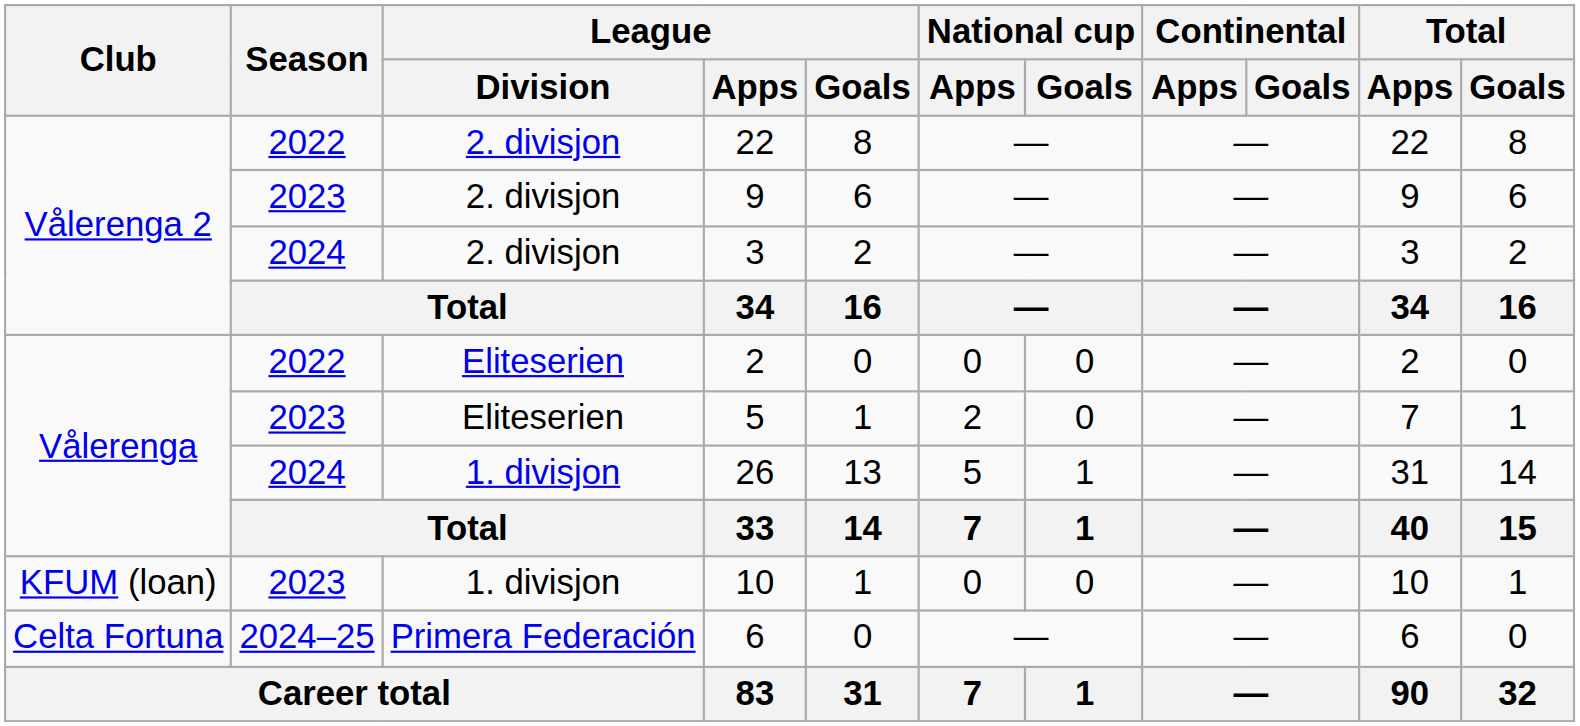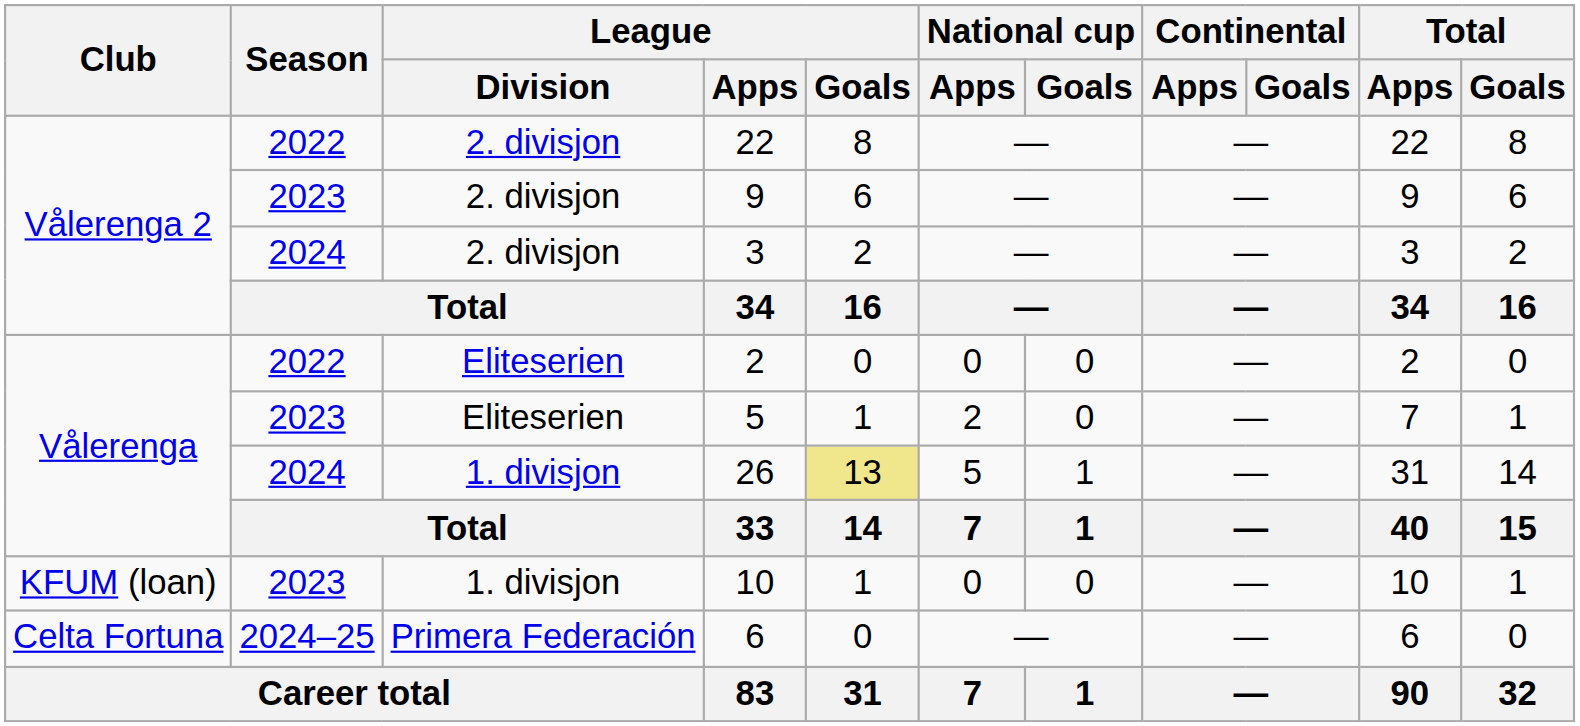 <table class="wikitable" style="text-align: center;">
 <tr>
 <th rowspan=2>Club</th>
 <th rowspan=2>Season</th>
 <th colspan=3>League</th>
 <th colspan=2>National cup</th>
 <th colspan=2>Continental</th>
 <th colspan=2>Total</th>
 </tr>
 <tr>
 <th>Division</th>
 <th>Apps</th>
 <th>Goals</th>
 <th>Apps</th>
 <th>Goals</th>
 <th>Apps</th>
 <th>Goals</th>
 <th>Apps</th>
 <th>Goals</th>
 </tr>
 <tr>
 <td rowspan="4"><a href='#'>Vålerenga 2</a></td>
 <td><a href='#'>2022</a></td>
 <td><a href='#'>2. divisjon</a></td>
 <td>22</td>
 <td>8</td>
 <td colspan="2">—</td>
 <td colspan="2">—</td>
 <td>22</td>
 <td>8</td>
 </tr>
 <tr>
 <td><a href='#'>2023</a></td>
 <td>2. divisjon</td>
 <td>9</td>
 <td>6</td>
 <td colspan="2">—</td>
 <td colspan="2">—</td>
 <td>9</td>
 <td>6</td>
 </tr>
 <tr>
 <td><a href='#'>2024</a></td>
 <td>2. divisjon</td>
 <td>3</td>
 <td>2</td>
 <td colspan="2">—</td>
 <td colspan="2">—</td>
 <td>3</td>
 <td>2</td>
 </tr>
 <tr>
 <th colspan="2">Total</th>
 <th>34</th>
 <th>16</th>
 <th colspan="2">—</th>
 <th colspan="2">—</th>
 <th>34</th>
 <th>16</th>
 </tr>
 <tr>
 <td rowspan="4"><a href='#'>Vålerenga</a></td>
 <td><a href='#'>2022</a></td>
 <td><a href='#'>Eliteserien</a></td>
 <td>2</td>
 <td>0</td>
 <td>0</td>
 <td>0</td>
 <td colspan="2">—</td>
 <td>2</td>
 <td>0</td>
 </tr>
 <tr>
 <td><a href='#'>2023</a></td>
 <td>Eliteserien</td>
 <td>5</td>
 <td>1</td>
 <td>2</td>
 <td>0</td>
 <td colspan="2">—</td>
 <td>7</td>
 <td>1</td>
 </tr>
 <tr>
 <td><a href='#'>2024</a></td>
 <td><a href='#'>1. divisjon</a></td>
 <td>26</td>
-<td>13</td>
+<td style="background: khaki;">13</td>
 <td>5</td>
 <td>1</td>
 <td colspan="2">—</td>
 <td>31</td>
 <td>14</td>
 </tr>
 <tr>
 <th colspan="2">Total</th>
 <th>33</th>
 <th>14</th>
 <th>7</th>
 <th>1</th>
 <th colspan="2">—</th>
 <th>40</th>
 <th>15</th>
 </tr>
 <tr>
 <td><a href='#'>KFUM</a> (loan)</td>
 <td><a href='#'>2023</a></td>
 <td>1. divisjon</td>
 <td>10</td>
 <td>1</td>
 <td>0</td>
 <td>0</td>
 <td colspan="2">—</td>
 <td>10</td>
 <td>1</td>
 </tr>
 <tr>
 <td><a href='#'>Celta Fortuna</a></td>
 <td><a href='#'>2024–25</a></td>
 <td><a href='#'>Primera Federación</a></td>
 <td>6</td>
 <td>0</td>
 <td colspan="2">—</td>
 <td colspan="2">—</td>
 <td>6</td>
 <td>0</td>
 </tr>
 <tr>
 <th colspan="3">Career total</th>
 <th>83</th>
 <th>31</th>
 <th>7</th>
 <th>1</th>
 <th colspan="2">—</th>
 <th>90</th>
 <th>32</th>
 </tr>
 </table>
